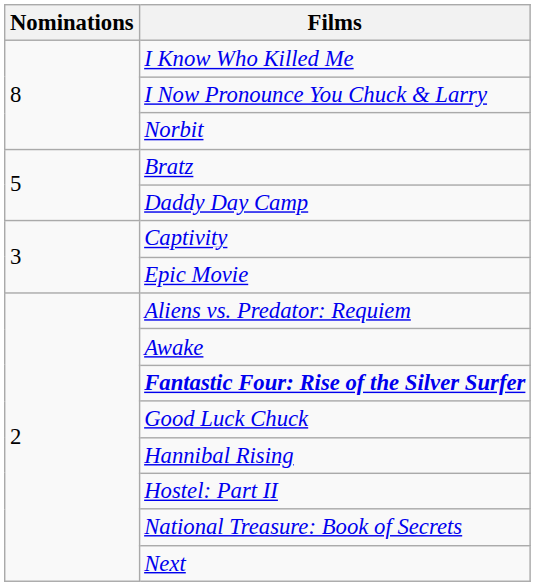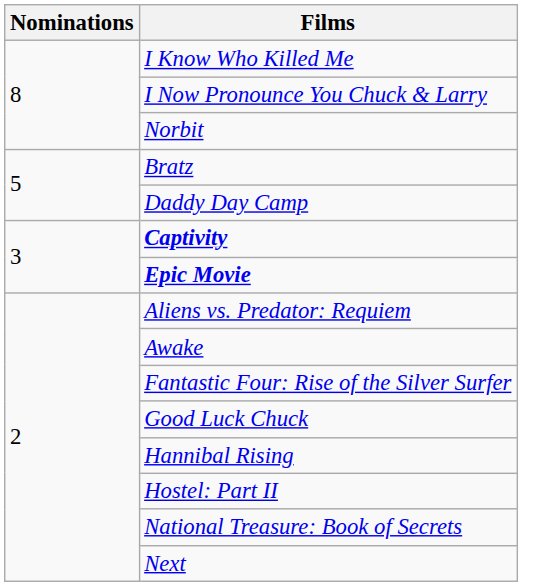 <table class="wikitable">
 <tr>
 <th>Nominations</th>
 <th>Films</th>
 </tr>
 <tr>
 <td rowspan="3">8</td>
 <td><em><a href='#'>I Know Who Killed Me</a></em></td>
 </tr>
 <tr>
 <td><em><a href='#'>I Now Pronounce You Chuck & Larry</a></em></td>
 </tr>
 <tr>
 <td><em><a href='#'>Norbit</a></em></td>
 </tr>
 <tr>
 <td rowspan="2">5</td>
 <td><a href='#'><em>Bratz</em></a></td>
 </tr>
 <tr>
 <td><em><a href='#'>Daddy Day Camp</a></em></td>
 </tr>
 <tr>
 <td rowspan="2">3</td>
-<td><a href='#'><em>Captivity</em></a></td>
+<td><strong><a href='#'><em>Captivity</em></a></strong></td>
 </tr>
 <tr>
-<td><em><a href='#'>Epic Movie</a></em></td>
+<td><strong><em><a href='#'>Epic Movie</a></em></strong></td>
 </tr>
 <tr>
 <td rowspan="8">2</td>
 <td><em><a href='#'>Aliens vs. Predator: Requiem</a></em></td>
 </tr>
 <tr>
 <td><a href='#'><em>Awake</em></a></td>
 </tr>
 <tr>
-<td><strong><em><a href='#'>Fantastic Four: Rise of the Silver Surfer</a></em></strong></td>
+<td><em><a href='#'>Fantastic Four: Rise of the Silver Surfer</a></em></td>
 </tr>
 <tr>
 <td><em><a href='#'>Good Luck Chuck</a></em></td>
 </tr>
 <tr>
 <td><a href='#'><em>Hannibal Rising</em></a></td>
 </tr>
 <tr>
 <td><em><a href='#'>Hostel: Part II</a></em></td>
 </tr>
 <tr>
 <td><em><a href='#'>National Treasure: Book of Secrets</a></em></td>
 </tr>
 <tr>
 <td><a href='#'><em>Next</em></a></td>
 </tr>
 </table>
